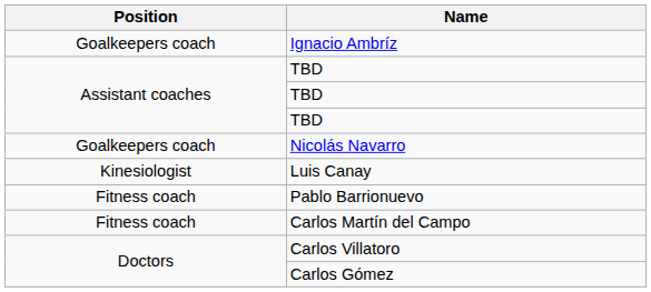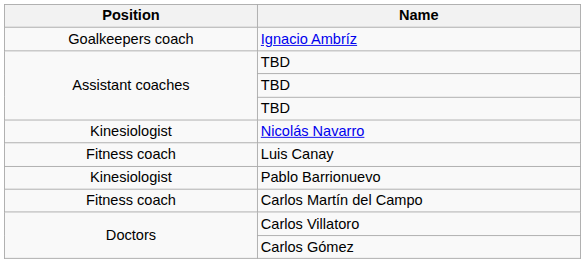 <table class="wikitable" style="text-align:center; font-size:100%; width:40%">
 <tr>
 <th>Position</th>
 <th>Name</th>
 </tr>
 <tr>
 <td>Goalkeepers coach</td>
 <td align=left> <a href='#'>Ignacio Ambríz</a></td>
 </tr>
 <tr>
 <td rowspan=3>Assistant coaches</td>
 <td align=left>TBD</td>
 </tr>
 <tr>
 <td align=left>TBD</td>
 </tr>
 <tr>
 <td align=left>TBD</td>
 </tr>
 <tr>
-<td>Goalkeepers coach</td>
+<td>Kinesiologist</td>
 <td align=left> <a href='#'>Nicolás Navarro</a></td>
 </tr>
 <tr>
-<td>Kinesiologist</td>
+<td>Fitness coach</td>
 <td align=left> Luis Canay</td>
 </tr>
 <tr>
-<td>Fitness coach</td>
+<td>Kinesiologist</td>
 <td align=left> Pablo Barrionuevo</td>
 </tr>
 <tr>
 <td>Fitness coach</td>
 <td align=left> Carlos Martín del Campo</td>
 </tr>
 <tr>
 <td rowspan=2>Doctors</td>
 <td align=left> Carlos Villatoro</td>
 </tr>
 <tr>
 <td align=left> Carlos Gómez</td>
 </tr>
 </table>
